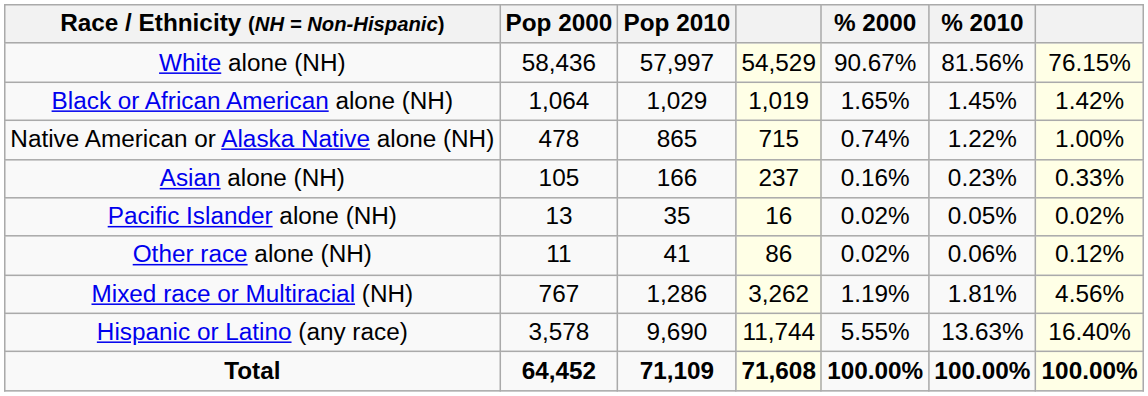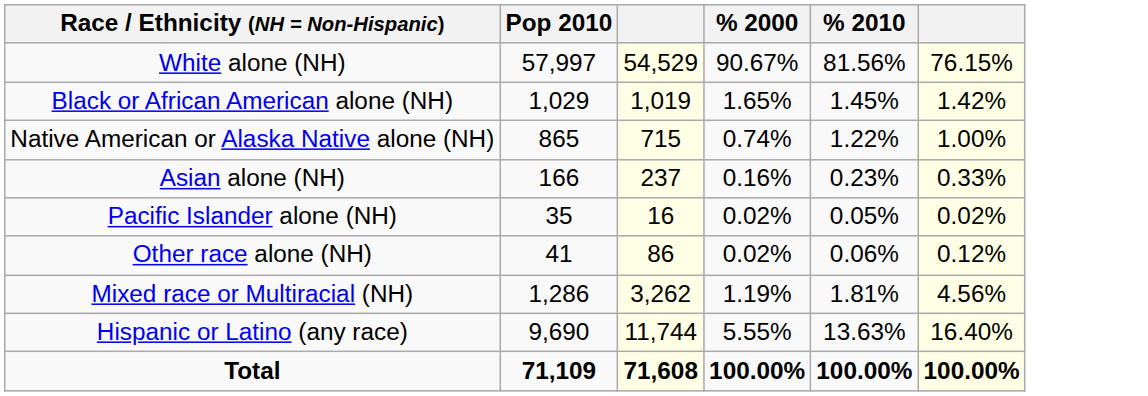 <table class="wikitable" style="text-align:center;">
 <tr>
 <th>Race / Ethnicity <small>(<em>NH = Non-Hispanic</em>)</small></th>
-<th>Pop 2000</th>
 <th>Pop 2010</th>
 <th></th>
 <th>% 2000</th>
 <th>% 2010</th>
 <th></th>
 </tr>
 <tr>
 <td><a href='#'>White</a> alone (NH)</td>
-<td>58,436</td>
 <td>57,997</td>
 <td style='background: #ffffe6;'>54,529</td>
 <td>90.67%</td>
 <td>81.56%</td>
 <td style='background: #ffffe6;'>76.15%</td>
 </tr>
 <tr>
 <td><a href='#'>Black or African American</a> alone (NH)</td>
-<td>1,064</td>
 <td>1,029</td>
 <td style='background: #ffffe6;'>1,019</td>
 <td>1.65%</td>
 <td>1.45%</td>
 <td style='background: #ffffe6;'>1.42%</td>
 </tr>
 <tr>
 <td>Native American or <a href='#'>Alaska Native</a> alone (NH)</td>
-<td>478</td>
 <td>865</td>
 <td style='background: #ffffe6;'>715</td>
 <td>0.74%</td>
 <td>1.22%</td>
 <td style='background: #ffffe6;'>1.00%</td>
 </tr>
 <tr>
 <td><a href='#'>Asian</a> alone (NH)</td>
-<td>105</td>
 <td>166</td>
 <td style='background: #ffffe6;'>237</td>
 <td>0.16%</td>
 <td>0.23%</td>
 <td style='background: #ffffe6;'>0.33%</td>
 </tr>
 <tr>
 <td><a href='#'>Pacific Islander</a> alone (NH)</td>
-<td>13</td>
 <td>35</td>
 <td style='background: #ffffe6;'>16</td>
 <td>0.02%</td>
 <td>0.05%</td>
 <td style='background: #ffffe6;'>0.02%</td>
 </tr>
 <tr>
 <td><a href='#'>Other race</a> alone (NH)</td>
-<td>11</td>
 <td>41</td>
 <td style='background: #ffffe6;'>86</td>
 <td>0.02%</td>
 <td>0.06%</td>
 <td style='background: #ffffe6;'>0.12%</td>
 </tr>
 <tr>
 <td><a href='#'>Mixed race or Multiracial</a> (NH)</td>
-<td>767</td>
 <td>1,286</td>
 <td style='background: #ffffe6;'>3,262</td>
 <td>1.19%</td>
 <td>1.81%</td>
 <td style='background: #ffffe6;'>4.56%</td>
 </tr>
 <tr>
 <td><a href='#'>Hispanic or Latino</a> (any race)</td>
-<td>3,578</td>
 <td>9,690</td>
 <td style='background: #ffffe6;'>11,744</td>
 <td>5.55%</td>
 <td>13.63%</td>
 <td style='background: #ffffe6;'>16.40%</td>
 </tr>
 <tr>
 <td><strong>Total</strong></td>
-<td><strong>64,452</strong></td>
 <td><strong>71,109</strong></td>
 <td style='background: #ffffe6;'><strong>71,608</strong></td>
 <td><strong>100.00%</strong></td>
 <td><strong>100.00%</strong></td>
 <td style='background: #ffffe6;'><strong>100.00%</strong></td>
 </tr>
 </table>
